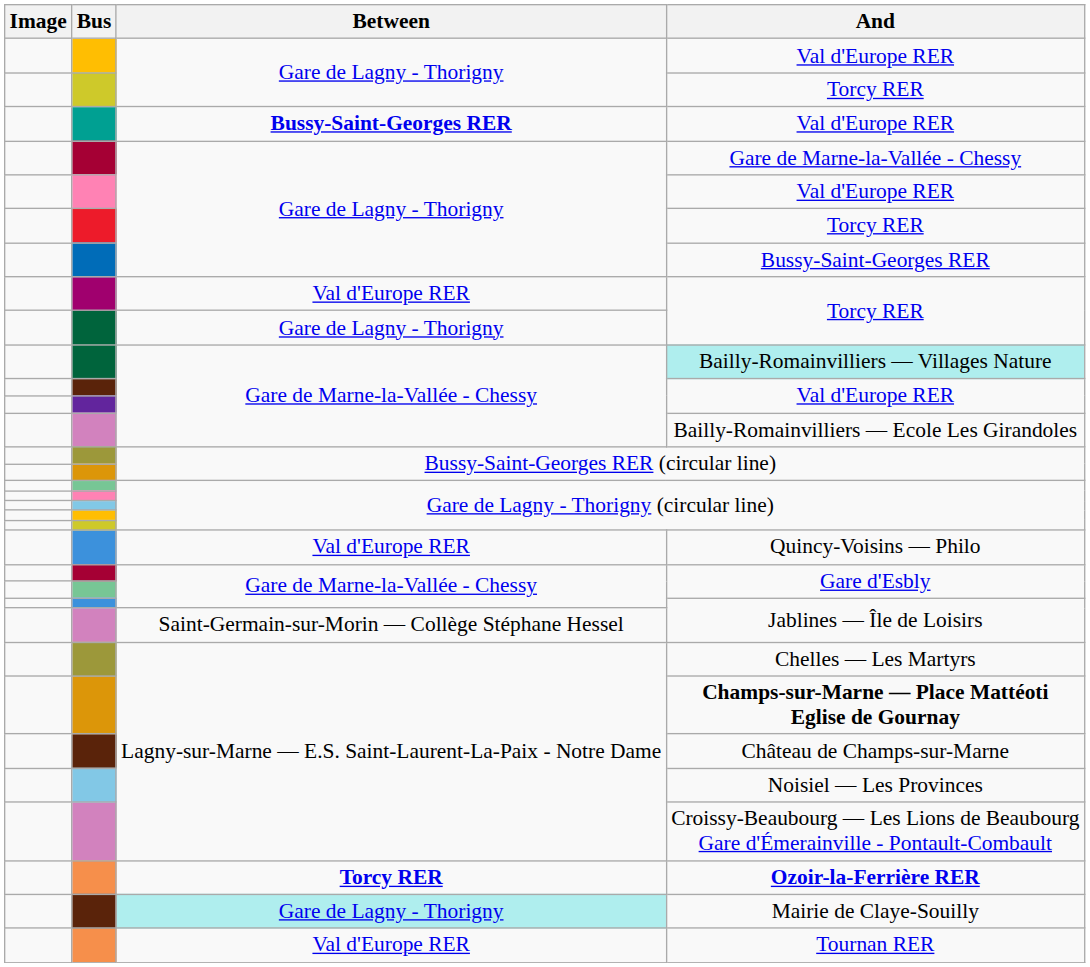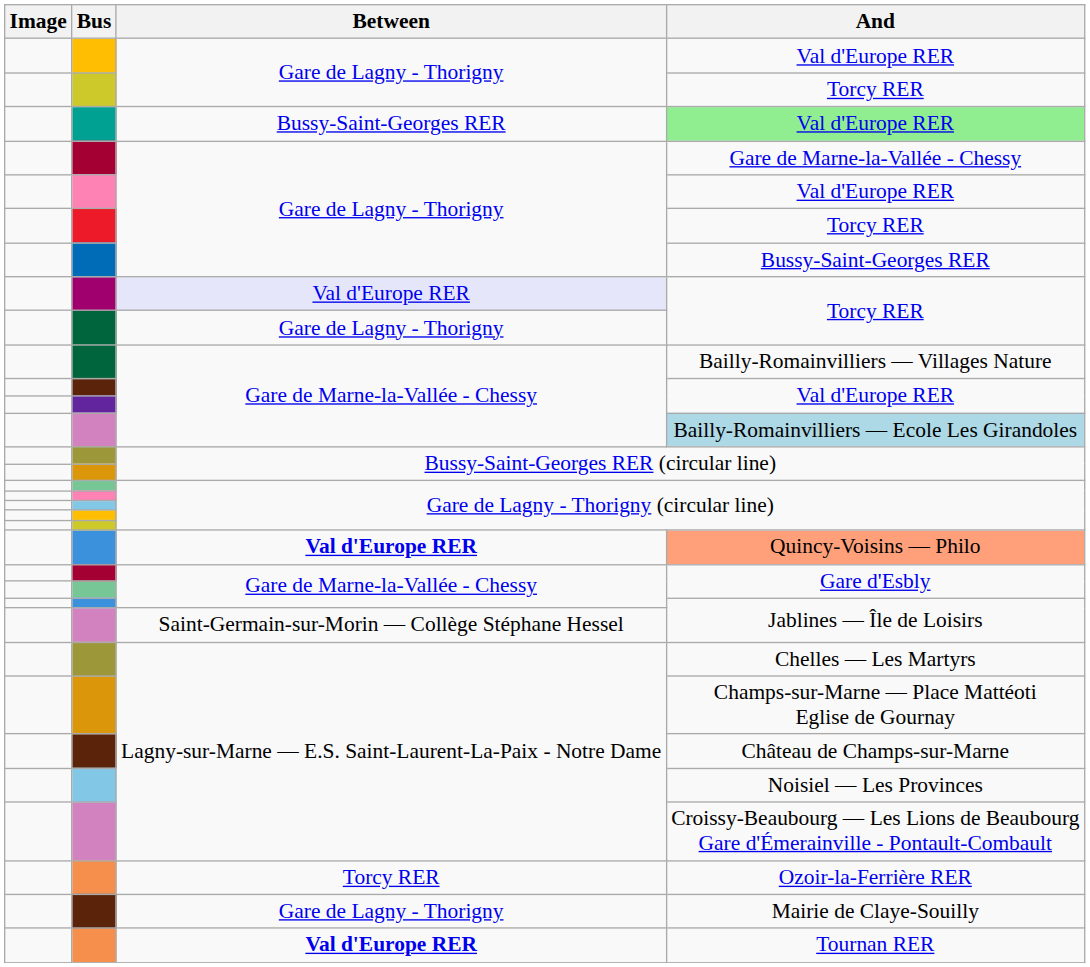 <table class="wikitable alternance centre" style="text-align:center;">
 <tr>
 <th>Image</th>
 <th>Bus</th>
 <th>Between</th>
 <th>And</th>
 </tr>
 <tr>
 <td></td>
 <td style="background:#ffbe02;"></td>
 <td rowspan="2"><a href='#'>Gare de Lagny - Thorigny</a></td>
 <td><a href='#'>Val d'Europe RER</a></td>
 </tr>
 <tr>
 <td></td>
 <td style="background:#cec92a;"></td>
 <td><a href='#'>Torcy RER</a></td>
 </tr>
 <tr>
 <td></td>
 <td style="background:#00a092;"></td>
-<td><strong><a href='#'>Bussy-Saint-Georges RER</a></strong></td>
-<td><a href='#'>Val d'Europe RER</a></td>
+<td><a href='#'>Bussy-Saint-Georges RER</a></td>
+<td style="background: lightgreen;"><a href='#'>Val d'Europe RER</a></td>
 </tr>
 <tr>
 <td></td>
 <td style="background:#a50034;"></td>
 <td rowspan="4"><a href='#'>Gare de Lagny - Thorigny</a></td>
 <td><a href='#'>Gare de Marne-la-Vallée - Chessy</a></td>
 </tr>
 <tr>
 <td></td>
 <td style="background:#ff82b4;"></td>
 <td><a href='#'>Val d'Europe RER</a></td>
 </tr>
 <tr>
 <td></td>
 <td style="background:#ed1b2a;"></td>
 <td><a href='#'>Torcy RER</a></td>
 </tr>
 <tr>
 <td></td>
 <td style="background:#006cb8;"></td>
 <td><a href='#'>Bussy-Saint-Georges RER</a></td>
 </tr>
 <tr>
 <td></td>
 <td style="background:#a0006e;"></td>
-<td><a href='#'>Val d'Europe RER</a></td>
+<td style="background: lavender;"><a href='#'>Val d'Europe RER</a></td>
 <td rowspan="2"><a href='#'>Torcy RER</a></td>
 </tr>
 <tr>
 <td></td>
 <td style="background:#00643c;"></td>
 <td><a href='#'>Gare de Lagny - Thorigny</a></td>
 </tr>
 <tr>
 <td></td>
 <td style="background:#00643c;"></td>
 <td rowspan="4"><a href='#'>Gare de Marne-la-Vallée - Chessy</a></td>
-<td style="background: paleturquoise;">Bailly-Romainvilliers — Villages Nature</td>
+<td>Bailly-Romainvilliers — Villages Nature</td>
 </tr>
 <tr>
 <td></td>
 <td style="background:#5a230a;"></td>
 <td rowspan="2"><a href='#'>Val d'Europe RER</a></td>
 </tr>
 <tr>
 <td></td>
 <td style="background:#62259d;"></td>
 </tr>
 <tr>
 <td></td>
 <td style="background:#d282be;"></td>
-<td>Bailly-Romainvilliers — Ecole Les Girandoles</td>
+<td style="background: lightblue;">Bailly-Romainvilliers — Ecole Les Girandoles</td>
 </tr>
 <tr>
 <td></td>
 <td style="background:#9c983a;"></td>
 <td rowspan="2" colspan="2"><a href='#'>Bussy-Saint-Georges RER</a> (circular line)</td>
 </tr>
 <tr>
 <td></td>
 <td style="background:#dc9609;"></td>
 </tr>
 <tr>
 <td></td>
 <td style="background:#77c695;"></td>
 <td rowspan="5" colspan="5"><a href='#'>Gare de Lagny - Thorigny</a> (circular line)</td>
 </tr>
 <tr>
 <td></td>
 <td style="background:#ff82b4;"></td>
 </tr>
 <tr>
 <td></td>
 <td style="background:#82c8e6;"></td>
 </tr>
 <tr>
 <td></td>
 <td style="background:#ffbe02;"></td>
 </tr>
 <tr>
 <td></td>
 <td style="background:#cec92a;"></td>
 </tr>
 <tr>
 <td></td>
 <td style="background:#3c91dc;"></td>
-<td><a href='#'>Val d'Europe RER</a></td>
-<td>Quincy-Voisins — Philo</td>
+<td><strong><a href='#'>Val d'Europe RER</a></strong></td>
+<td style="background: lightsalmon;">Quincy-Voisins — Philo</td>
 </tr>
 <tr>
 <td></td>
 <td style="background:#a50034;"></td>
 <td rowspan="3"><a href='#'>Gare de Marne-la-Vallée - Chessy</a></td>
 <td rowspan="2"><a href='#'>Gare d'Esbly</a></td>
 </tr>
 <tr>
 <td></td>
 <td style="background:#77c695;"></td>
 </tr>
 <tr>
 <td></td>
 <td style="background:#3c91dc;"></td>
 <td rowspan="2">Jablines — Île de Loisirs</td>
 </tr>
 <tr>
 <td></td>
 <td style="background:#d282be;"></td>
 <td>Saint-Germain-sur-Morin — Collège Stéphane Hessel</td>
 </tr>
 <tr>
 <td></td>
 <td style="background:#9c983a;"></td>
 <td rowspan="5">Lagny-sur-Marne — E.S. Saint-Laurent-La-Paix - Notre Dame</td>
 <td>Chelles — Les Martyrs</td>
 </tr>
 <tr>
 <td></td>
 <td style="background:#dc9609;"></td>
-<td><strong>Champs-sur-Marne — Place Mattéoti<br>Eglise de Gournay</strong></td>
+<td>Champs-sur-Marne — Place Mattéoti<br>Eglise de Gournay</td>
 </tr>
 <tr>
 <td></td>
 <td style="background:#5a230a;"></td>
 <td>Château de Champs-sur-Marne</td>
 </tr>
 <tr>
 <td></td>
 <td style="background:#82c8e6;"></td>
 <td>Noisiel — Les Provinces</td>
 </tr>
 <tr>
 <td></td>
 <td style="background:#d282be;"></td>
 <td>Croissy-Beaubourg — Les Lions de Beaubourg<br><a href='#'>Gare d'Émerainville - Pontault-Combault</a></td>
 </tr>
 <tr>
 <td></td>
 <td style="background:#f68f4b;"></td>
-<td><strong><a href='#'>Torcy RER</a></strong></td>
-<td><strong><a href='#'>Ozoir-la-Ferrière RER</a></strong></td>
+<td><a href='#'>Torcy RER</a></td>
+<td><a href='#'>Ozoir-la-Ferrière RER</a></td>
 </tr>
 <tr>
 <td></td>
 <td style="background:#5a230a;"></td>
-<td style="background: paleturquoise;"><a href='#'>Gare de Lagny - Thorigny</a></td>
+<td><a href='#'>Gare de Lagny - Thorigny</a></td>
 <td>Mairie de Claye-Souilly</td>
 </tr>
 <tr>
 <td></td>
 <td style="background:#f68f4b;"></td>
-<td><a href='#'>Val d'Europe RER</a></td>
+<td><strong><a href='#'>Val d'Europe RER</a></strong></td>
 <td><a href='#'>Tournan RER</a></td>
 </tr>
 </table>
